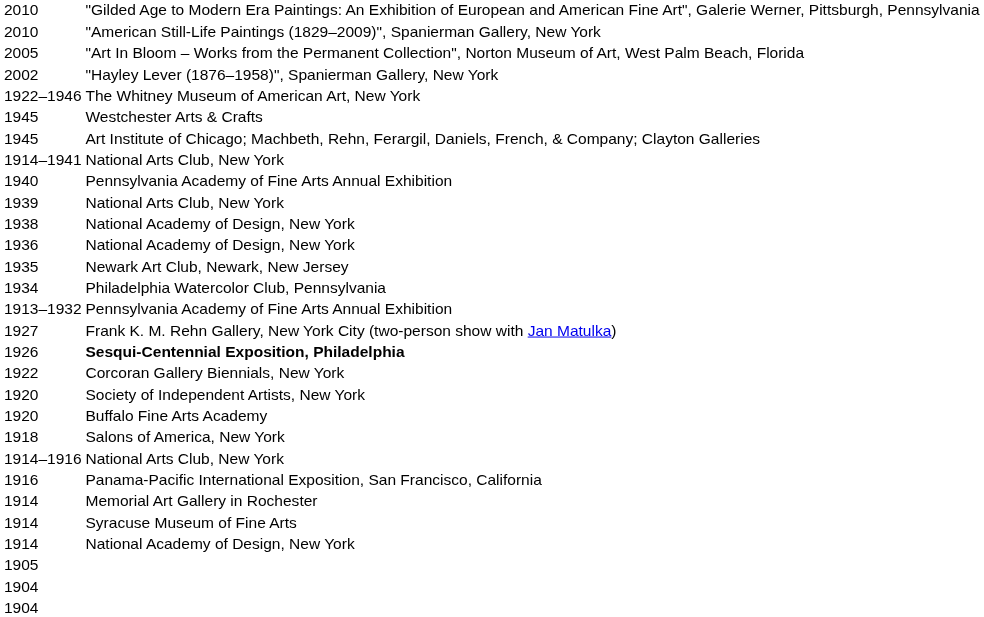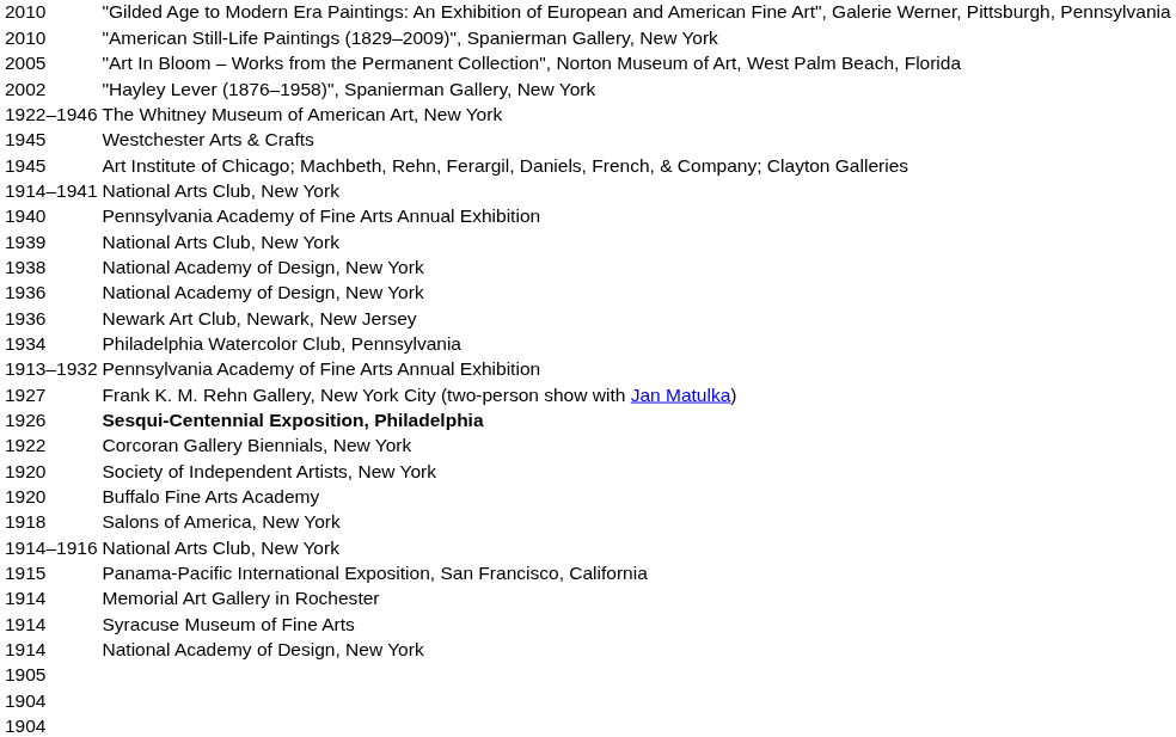 <table>
 <tr>
 <td>2010</td>
 <td>"Gilded Age to Modern Era Paintings: An Exhibition of European and American Fine Art", Galerie Werner, Pittsburgh, Pennsylvania</td>
 </tr>
 <tr>
 <td>2010</td>
 <td>"American Still-Life Paintings (1829–2009)", Spanierman Gallery, New York</td>
 </tr>
 <tr>
 <td>2005</td>
 <td>"Art In Bloom – Works from the Permanent Collection", Norton Museum of Art, West Palm Beach, Florida</td>
 </tr>
 <tr>
 <td>2002</td>
 <td>"Hayley Lever (1876–1958)", Spanierman Gallery, New York</td>
 </tr>
 <tr>
 <td>1922–1946</td>
 <td>The Whitney Museum of American Art, New York</td>
 </tr>
 <tr>
 <td>1945</td>
 <td>Westchester Arts & Crafts</td>
 </tr>
 <tr>
 <td>1945</td>
 <td>Art Institute of Chicago; Machbeth, Rehn, Ferargil, Daniels, French, & Company; Clayton Galleries</td>
 </tr>
 <tr>
 <td>1914–1941</td>
 <td>National Arts Club, New York</td>
 </tr>
 <tr>
 <td>1940</td>
 <td>Pennsylvania Academy of Fine Arts Annual Exhibition</td>
 </tr>
 <tr>
 <td>1939</td>
 <td>National Arts Club, New York</td>
 </tr>
 <tr>
 <td>1938</td>
 <td>National Academy of Design, New York</td>
 </tr>
 <tr>
 <td>1936</td>
 <td>National Academy of Design, New York</td>
 </tr>
 <tr>
-<td>1935</td>
+<td>1936</td>
 <td>Newark Art Club, Newark, New Jersey</td>
 </tr>
 <tr>
 <td>1934</td>
 <td>Philadelphia Watercolor Club, Pennsylvania</td>
 </tr>
 <tr>
 <td>1913–1932</td>
 <td>Pennsylvania Academy of Fine Arts Annual Exhibition</td>
 </tr>
 <tr>
 <td>1927</td>
 <td>Frank K. M. Rehn Gallery, New York City (two-person show with <a href='#'>Jan Matulka</a>)</td>
 </tr>
 <tr>
 <td>1926</td>
 <td><strong>Sesqui-Centennial Exposition, Philadelphia</strong></td>
 </tr>
 <tr>
 <td>1922</td>
 <td>Corcoran Gallery Biennials, New York</td>
 </tr>
 <tr>
 <td>1920</td>
 <td>Society of Independent Artists, New York</td>
 </tr>
 <tr>
 <td>1920</td>
 <td>Buffalo Fine Arts Academy</td>
 </tr>
 <tr>
 <td>1918</td>
 <td>Salons of America, New York</td>
 </tr>
 <tr>
 <td>1914–1916</td>
 <td>National Arts Club, New York</td>
 </tr>
 <tr>
-<td>1916</td>
+<td>1915</td>
 <td>Panama-Pacific International Exposition, San Francisco, California</td>
 </tr>
 <tr>
 <td>1914</td>
 <td>Memorial Art Gallery in Rochester</td>
 </tr>
 <tr>
 <td>1914</td>
 <td>Syracuse Museum of Fine Arts</td>
 </tr>
 <tr>
 <td>1914</td>
 <td>National Academy of Design, New York</td>
 </tr>
 <tr>
 <td>1905</td>
 <td></td>
 </tr>
 <tr>
 <td>1904</td>
 <td></td>
 </tr>
 <tr>
 <td>1904</td>
 <td></td>
 </tr>
 </table>
